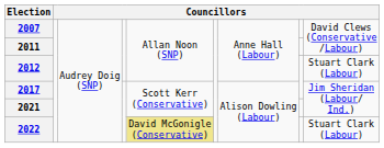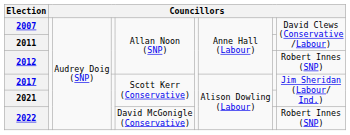 <table class="wikitable" style="text-align:center">
 <tr>
 <th>Election</th>
 <th colspan=8>Councillors</th>
 </tr>
 <tr>
 <th><a href='#'>2007</a></th>
 <td rowspan=6 style="color:inherit;background-color: "></td>
 <td rowspan=6>Audrey Doig<br>(<a href='#'>SNP</a>)</td>
 <td rowspan=3 style="color:inherit;background-color: "></td>
 <td rowspan=3>Allan Noon<br>(<a href='#'>SNP</a>)</td>
 <td rowspan=6 style="color:inherit;background-color: "></td>
 <td rowspan=3>Anne Hall<br>(<a href='#'>Labour</a>)</td>
 <td rowspan=1 style="color:inherit;background-color: "></td>
 <td rowspan=2>David Clews<br>(<a href='#'>Conservative</a><br>/<a href='#'>Labour</a>)</td>
 </tr>
 <tr>
 <th>2011</th>
 <td rowspan=1 style="color:inherit;background-color: "></td>
 </tr>
 <tr>
 <th><a href='#'>2012</a></th>
 <td rowspan=2 style="color:inherit;background-color: "></td>
-<td rowspan=1>Stuart Clark<br>(<a href='#'>Labour</a>)</td>
+<td rowspan=1>Robert Innes<br>(<a href='#'>SNP</a>)</td>
 </tr>
 <tr>
 <th><a href='#'>2017</a></th>
 <td rowspan=3 style="color:inherit;background-color: "></td>
 <td rowspan=2>Scott Kerr<br>(<a href='#'>Conservative</a>)</td>
 <td rowspan=3>Alison Dowling<br>(<a href='#'>Labour</a>)</td>
 <td rowspan=2><a href='#'>Jim Sheridan</a><br>(<a href='#'>Labour</a>/<br><a href='#'>Ind.</a>)</td>
 </tr>
 <tr>
 <th>2021</th>
 <td rowspan=1 style="color:inherit;background-color: "></td>
 </tr>
 <tr>
 <th><a href='#'>2022</a></th>
-<td rowspan=1 style="background: khaki;">David McGonigle<br>(<a href='#'>Conservative</a>)</td>
+<td rowspan=1>David McGonigle<br>(<a href='#'>Conservative</a>)</td>
 <td rowspan=1 style="color:inherit;background-color: "></td>
-<td rowspan=1>Stuart Clark<br>(<a href='#'>Labour</a>)</td>
+<td rowspan=1>Robert Innes<br>(<a href='#'>SNP</a>)</td>
 </tr>
 </table>
